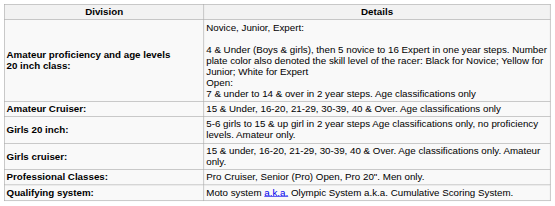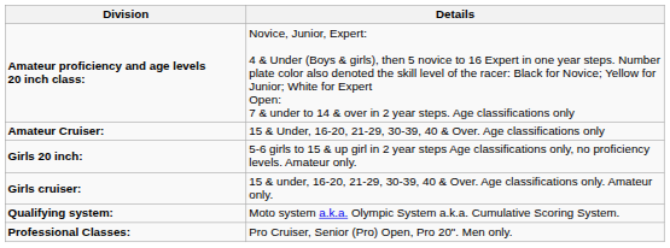 <table class="sortable wikitable" style="text-align:Left;">
 <tr>
 <th style="width:20em">Division</th>
 <th style="width:35em">Details</th>
 </tr>
 <tr>
 <td align=left><strong>Amateur proficiency and age levels 20 inch class:</strong></td>
 <td align=left>Novice, Junior, Expert:<br><br>4 & Under (Boys & girls), then 5 novice to 16 Expert in one year steps. Number plate color also denoted the skill level of the racer: Black for Novice; Yellow for Junior; White for Expert<br>Open:<br> 7 & under to 14 & over in 2 year steps. Age classifications only</td>
 </tr>
 <tr>
 <td align=left><strong>Amateur Cruiser:</strong></td>
 <td align=left>15 & Under, 16-20, 21-29, 30-39, 40 & Over. Age classifications only</td>
 </tr>
 <tr>
 <td align=left><strong>Girls 20 inch:</strong></td>
 <td align=left>5-6 girls to 15 & up girl in 2 year steps  Age classifications only, no proficiency levels. Amateur only.</td>
 </tr>
 <tr>
 <td align=left><strong>Girls cruiser:</strong></td>
 <td align=left>15 & under, 16-20, 21-29, 30-39, 40 & Over. Age classifications only. Amateur only.</td>
 </tr>
 <tr>
+<td align=left><strong>Qualifying system:</strong></td>
+<td align=left>Moto system <a href='#'>a.k.a.</a> Olympic System a.k.a. Cumulative Scoring System.</td>
+</tr>
+<tr>
 <td align=left><strong>Professional Classes:</strong></td>
 <td align=left>Pro Cruiser, Senior (Pro) Open, Pro 20". Men only.</td>
 </tr>
-<tr>
-<td align=left><strong>Qualifying system:</strong></td>
-<td align=left>Moto system <a href='#'>a.k.a.</a> Olympic System a.k.a. Cumulative Scoring System.</td>
-</tr>
 </table>
